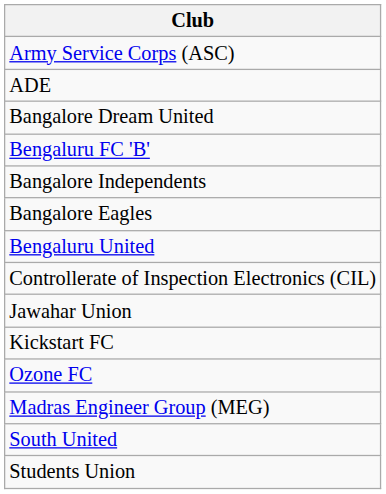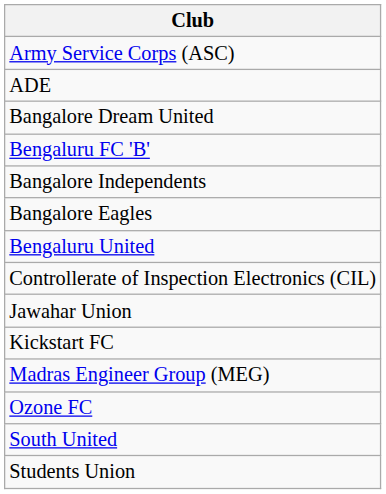 <table class="wikitable" style="text-align:center;">
 <tr>
 <th>Club</th>
 </tr>
 <tr>
 <td style="text-align:left;"><a href='#'>Army Service Corps</a> (ASC)</td>
 </tr>
 <tr>
 <td style="text-align:left;">ADE</td>
 </tr>
 <tr>
 <td style="text-align:left;">Bangalore Dream United</td>
 </tr>
 <tr>
 <td style="text-align:left;"><a href='#'>Bengaluru FC 'B'</a></td>
 </tr>
 <tr>
 <td style="text-align:left;">Bangalore Independents</td>
 </tr>
 <tr>
 <td style="text-align:left;">Bangalore Eagles</td>
 </tr>
 <tr>
 <td style="text-align:left;"><a href='#'>Bengaluru United</a></td>
 </tr>
 <tr>
 <td style="text-align:left;">Controllerate of Inspection Electronics (CIL)</td>
 </tr>
 <tr>
 <td style="text-align:left;">Jawahar Union</td>
 </tr>
 <tr>
 <td style="text-align:left;">Kickstart FC</td>
 </tr>
 <tr>
-<td style="text-align:left;"><a href='#'>Ozone FC</a></td>
+<td style="text-align:left;"><a href='#'>Madras Engineer Group</a> (MEG)</td>
 </tr>
 <tr>
-<td style="text-align:left;"><a href='#'>Madras Engineer Group</a> (MEG)</td>
+<td style="text-align:left;"><a href='#'>Ozone FC</a></td>
 </tr>
 <tr>
 <td style="text-align:left;"><a href='#'>South United</a></td>
 </tr>
 <tr>
 <td style="text-align:left;">Students Union</td>
 </tr>
 </table>
